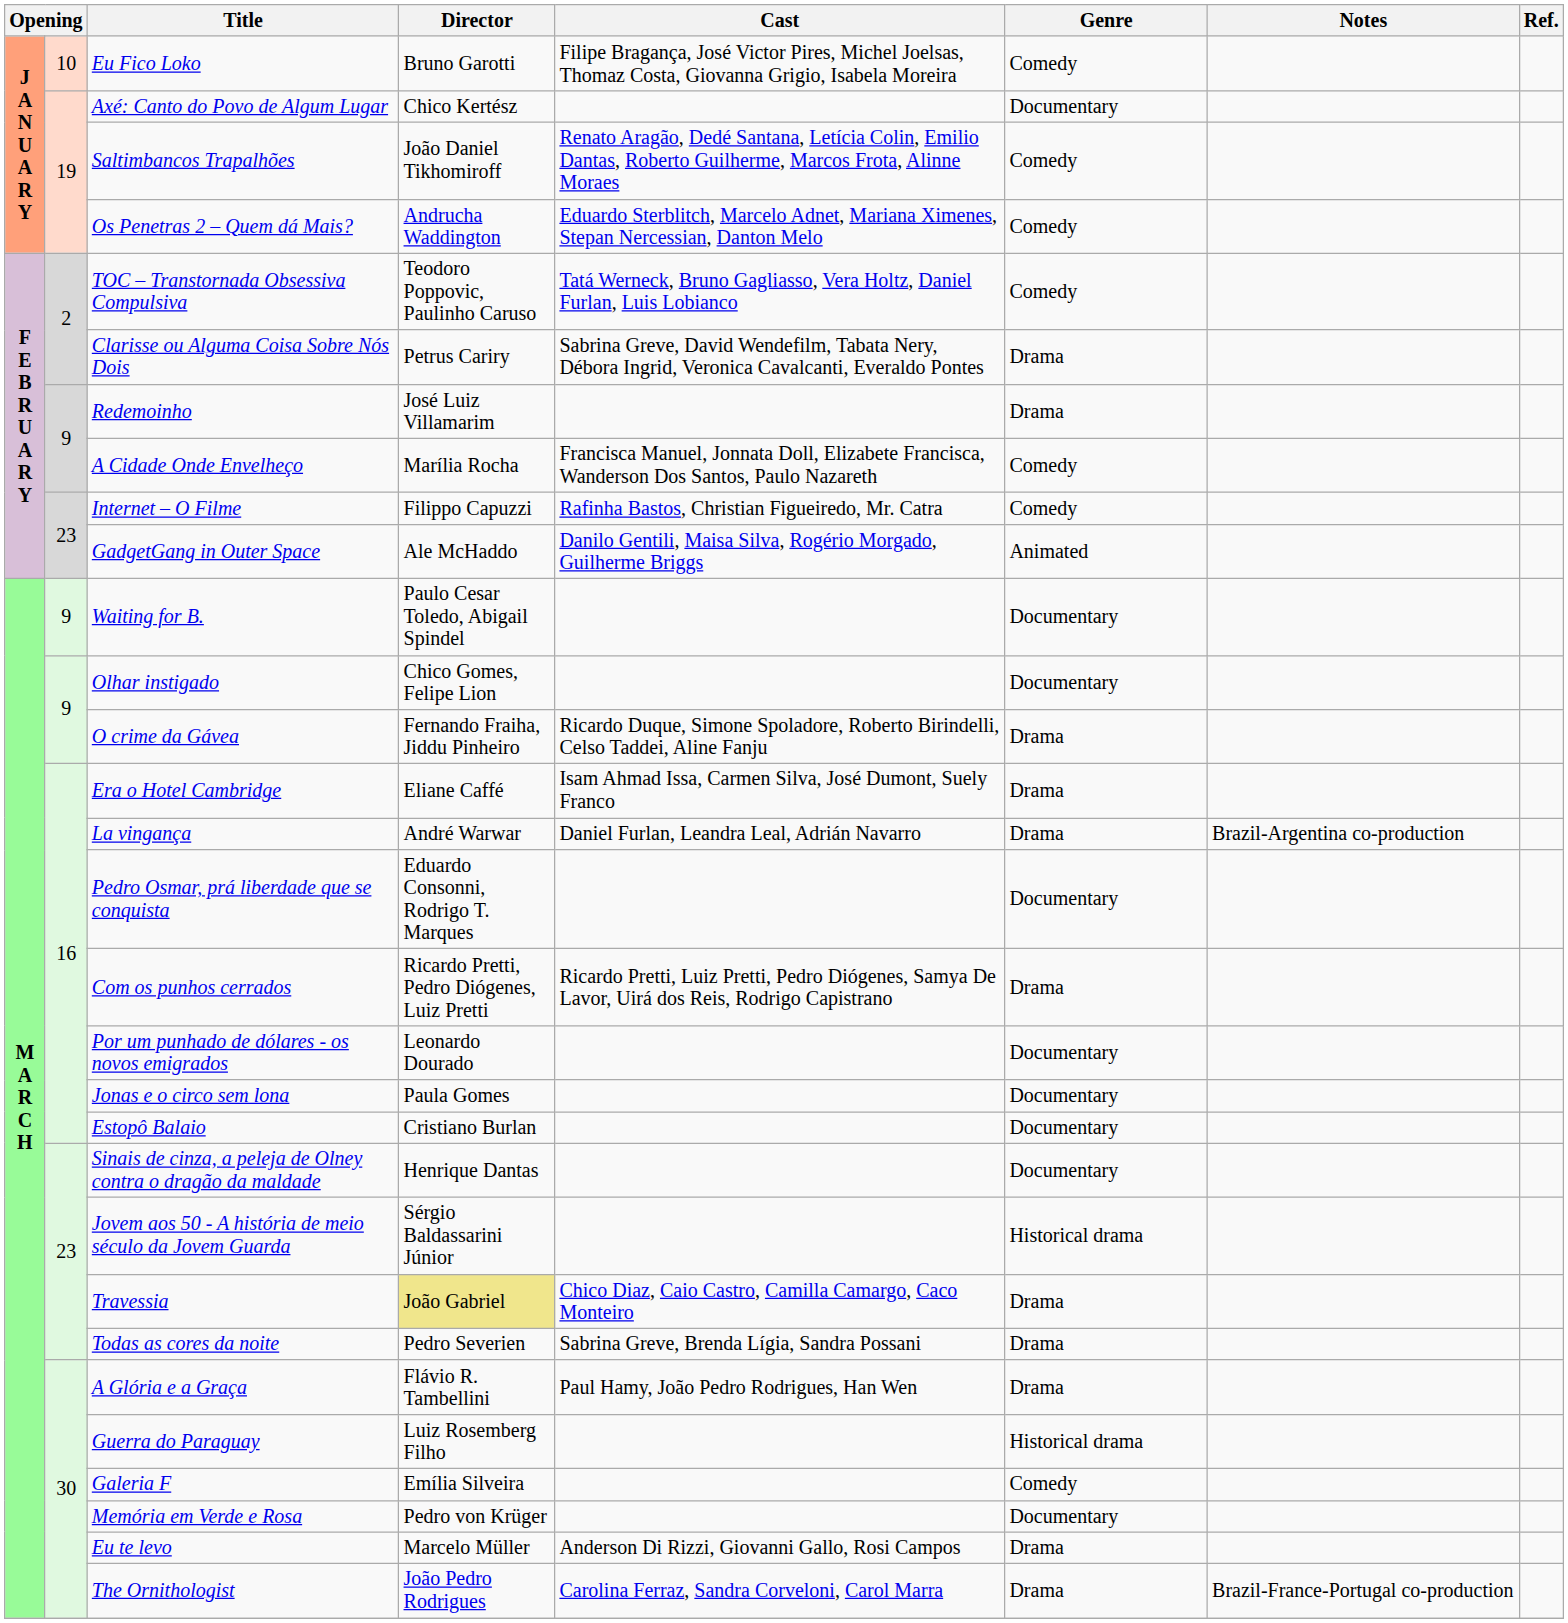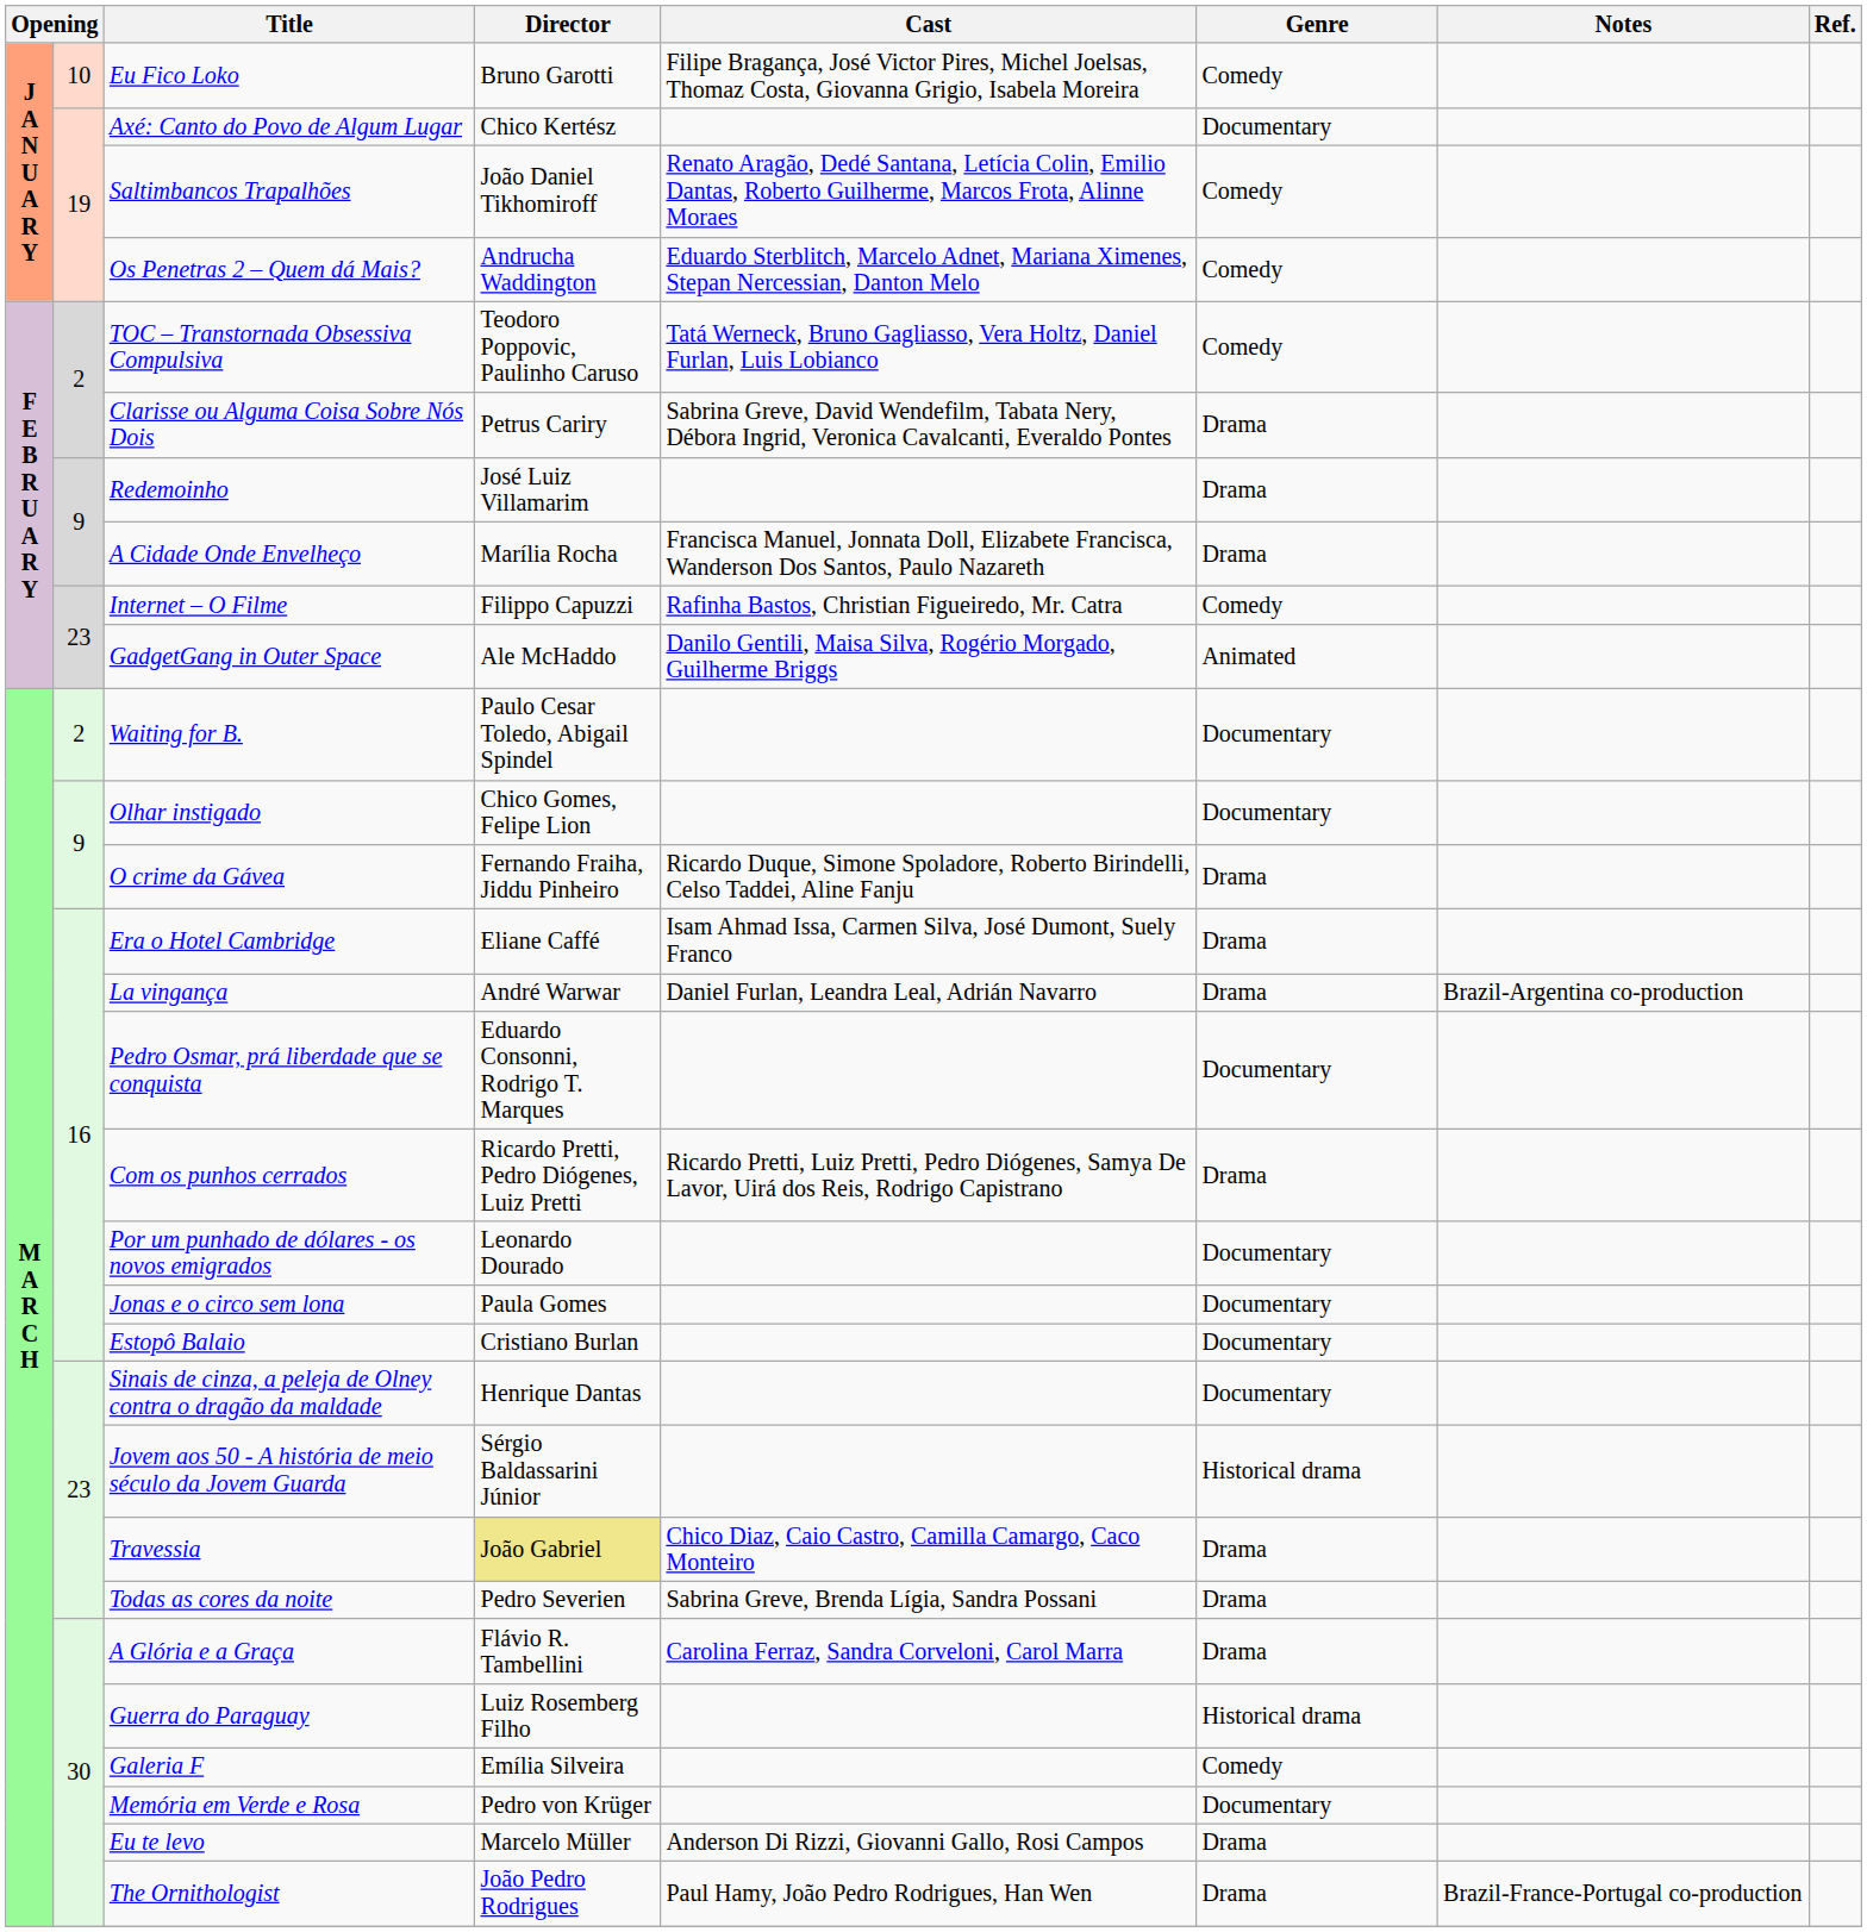 <table class="wikitable">
 <tr>
 <th colspan="2">Opening</th>
 <th style="width:20%;">Title</th>
 <th style="width:10%;">Director</th>
 <th>Cast</th>
 <th style="width:13%">Genre</th>
 <th style="width:20%">Notes</th>
 <th>Ref.</th>
 </tr>
 <tr>
 <td rowspan=4 style="text-align:center; background:#ffa07a; textcolor:#000;"><strong>J<br>A<br>N<br>U<br>A<br>R<br>Y</strong></td>
 <td rowspan=1 style="text-align:center; background:#ffdacc; textcolor:#000;">10</td>
 <td><em><a href='#'>Eu Fico Loko</a></em></td>
 <td>Bruno Garotti</td>
 <td>Filipe Bragança, José Victor Pires, Michel Joelsas, Thomaz Costa, Giovanna Grigio, Isabela Moreira</td>
 <td>Comedy</td>
 <td></td>
 <td></td>
 </tr>
 <tr>
 <td rowspan=3 style="text-align:center; background:#ffdacc; textcolor:#000;">19</td>
 <td><em><a href='#'>Axé: Canto do Povo de Algum Lugar</a></em></td>
 <td>Chico Kertész</td>
 <td></td>
 <td>Documentary</td>
 <td></td>
 <td></td>
 </tr>
 <tr>
 <td><em><a href='#'>Saltimbancos Trapalhões</a></em></td>
 <td>João Daniel Tikhomiroff</td>
 <td><a href='#'>Renato Aragão</a>, <a href='#'>Dedé Santana</a>, <a href='#'>Letícia Colin</a>, <a href='#'>Emilio Dantas</a>, <a href='#'>Roberto Guilherme</a>, <a href='#'>Marcos Frota</a>, <a href='#'>Alinne Moraes</a></td>
 <td>Comedy</td>
 <td></td>
 <td></td>
 </tr>
 <tr>
 <td><em><a href='#'>Os Penetras 2 – Quem dá Mais?</a></em></td>
 <td><a href='#'>Andrucha Waddington</a></td>
 <td><a href='#'>Eduardo Sterblitch</a>, <a href='#'>Marcelo Adnet</a>, <a href='#'>Mariana Ximenes</a>, <a href='#'>Stepan Nercessian</a>, <a href='#'>Danton Melo</a></td>
 <td>Comedy</td>
 <td></td>
 <td></td>
 </tr>
 <tr>
 <th rowspan=6 style="text-align:center; background:thistle; textcolor:#000;">F<br>E<br>B<br>R<br>U<br>A<br>R<br>Y</th>
 <td rowspan=2 style="text-align:center; background:#d8d8d8; textcolor:#000;">2</td>
 <td><em><a href='#'>TOC – Transtornada Obsessiva Compulsiva</a></em></td>
 <td>Teodoro Poppovic, Paulinho Caruso</td>
 <td><a href='#'>Tatá Werneck</a>, <a href='#'>Bruno Gagliasso</a>, <a href='#'>Vera Holtz</a>, <a href='#'>Daniel Furlan</a>, <a href='#'>Luis Lobianco</a></td>
 <td>Comedy</td>
 <td></td>
 <td></td>
 </tr>
 <tr>
 <td><em><a href='#'>Clarisse ou Alguma Coisa Sobre Nós Dois</a></em></td>
 <td>Petrus Cariry</td>
 <td>Sabrina Greve, David Wendefilm, Tabata Nery, Débora Ingrid, Veronica Cavalcanti, Everaldo Pontes</td>
 <td>Drama</td>
 <td></td>
 <td></td>
 </tr>
 <tr>
 <td rowspan=2 style="text-align:center; background:#d8d8d8; textcolor:#000;">9</td>
 <td><em><a href='#'>Redemoinho</a></em></td>
 <td>José Luiz Villamarim</td>
 <td></td>
 <td>Drama</td>
 <td></td>
 <td></td>
 </tr>
 <tr>
 <td><em><a href='#'>A Cidade Onde Envelheço</a></em></td>
 <td>Marília Rocha</td>
 <td>Francisca Manuel, Jonnata Doll, Elizabete Francisca, Wanderson Dos Santos, Paulo Nazareth</td>
-<td>Comedy</td>
+<td>Drama</td>
 <td></td>
 <td></td>
 </tr>
 <tr>
 <td rowspan=2 style="text-align:center; background:#d8d8d8; textcolor:#000;">23</td>
 <td><em><a href='#'>Internet – O Filme</a></em></td>
 <td>Filippo Capuzzi</td>
 <td><a href='#'>Rafinha Bastos</a>, Christian Figueiredo, Mr. Catra</td>
 <td>Comedy</td>
 <td></td>
 <td></td>
 </tr>
 <tr>
 <td><em><a href='#'>GadgetGang in Outer Space</a></em></td>
 <td>Ale McHaddo</td>
 <td><a href='#'>Danilo Gentili</a>, <a href='#'>Maisa Silva</a>, <a href='#'>Rogério Morgado</a>, <a href='#'>Guilherme Briggs</a></td>
 <td>Animated</td>
 <td></td>
 <td></td>
 </tr>
 <tr>
 <td rowspan=20 style="text-align:center; background:#98fb98; textcolor:#000;"><strong>M<br>A<br>R<br>C<br>H</strong></td>
-<td rowspan=1 style="text-align:center; background:#e0f9e0; textcolor:#000;">9</td>
+<td rowspan=1 style="text-align:center; background:#e0f9e0; textcolor:#000;">2</td>
 <td><em><a href='#'>Waiting for B.</a></em></td>
 <td>Paulo Cesar Toledo, Abigail Spindel</td>
 <td></td>
 <td>Documentary</td>
 <td></td>
 <td></td>
 </tr>
 <tr>
 <td rowspan=2 style="text-align:center; background:#e0f9e0; textcolor:#000;">9</td>
 <td><em><a href='#'>Olhar instigado</a></em></td>
 <td>Chico Gomes, Felipe Lion</td>
 <td></td>
 <td>Documentary</td>
 <td></td>
 <td></td>
 </tr>
 <tr>
 <td><em><a href='#'>O crime da Gávea</a></em></td>
 <td>Fernando Fraiha, Jiddu Pinheiro</td>
 <td>Ricardo Duque, Simone Spoladore, Roberto Birindelli, Celso Taddei, Aline Fanju</td>
 <td>Drama</td>
 <td></td>
 <td></td>
 </tr>
 <tr>
 <td rowspan=7 style="text-align:center; background:#e0f9e0; textcolor:#000;">16</td>
 <td><em><a href='#'>Era o Hotel Cambridge</a></em></td>
 <td>Eliane Caffé</td>
 <td>Isam Ahmad Issa, Carmen Silva, José Dumont, Suely Franco</td>
 <td>Drama</td>
 <td></td>
 <td></td>
 </tr>
 <tr>
 <td><em><a href='#'>La vingança</a></em></td>
 <td>André Warwar</td>
 <td>Daniel Furlan, Leandra Leal, Adrián Navarro</td>
 <td>Drama</td>
 <td>Brazil-Argentina co-production</td>
 <td></td>
 </tr>
 <tr>
 <td><em><a href='#'>Pedro Osmar, prá liberdade que se conquista</a></em></td>
 <td>Eduardo Consonni, Rodrigo T. Marques</td>
 <td></td>
 <td>Documentary</td>
 <td></td>
 <td></td>
 </tr>
 <tr>
 <td><em><a href='#'>Com os punhos cerrados</a></em></td>
 <td>Ricardo Pretti, Pedro Diógenes, Luiz Pretti</td>
 <td>Ricardo Pretti, Luiz Pretti, Pedro Diógenes, Samya De Lavor, Uirá dos Reis, Rodrigo Capistrano</td>
 <td>Drama</td>
 <td></td>
 <td></td>
 </tr>
 <tr>
 <td><em><a href='#'>Por um punhado de dólares - os novos emigrados</a></em></td>
 <td>Leonardo Dourado</td>
 <td></td>
 <td>Documentary</td>
 <td></td>
 <td></td>
 </tr>
 <tr>
 <td><em><a href='#'>Jonas e o circo sem lona</a></em></td>
 <td>Paula Gomes</td>
 <td></td>
 <td>Documentary</td>
 <td></td>
 <td></td>
 </tr>
 <tr>
 <td><em><a href='#'>Estopô Balaio</a></em></td>
 <td>Cristiano Burlan</td>
 <td></td>
 <td>Documentary</td>
 <td></td>
 <td></td>
 </tr>
 <tr>
 <td rowspan=4 style="text-align:center; background:#e0f9e0; textcolor:#000;">23</td>
 <td><em><a href='#'>Sinais de cinza, a peleja de Olney contra o dragão da maldade</a></em></td>
 <td>Henrique Dantas</td>
 <td></td>
 <td>Documentary</td>
 <td></td>
 <td></td>
 </tr>
 <tr>
 <td><em><a href='#'>Jovem aos 50 - A história de meio século da Jovem Guarda</a></em></td>
 <td>Sérgio Baldassarini Júnior</td>
 <td></td>
 <td>Historical drama</td>
 <td></td>
 <td></td>
 </tr>
 <tr>
 <td><em><a href='#'>Travessia</a></em></td>
 <td style="background: khaki;">João Gabriel</td>
 <td><a href='#'>Chico Diaz</a>, <a href='#'>Caio Castro</a>, <a href='#'>Camilla Camargo</a>, <a href='#'>Caco Monteiro</a></td>
 <td>Drama</td>
 <td></td>
 <td></td>
 </tr>
 <tr>
 <td><em><a href='#'>Todas as cores da noite</a></em></td>
 <td>Pedro Severien</td>
 <td>Sabrina Greve, Brenda Lígia, Sandra Possani</td>
 <td>Drama</td>
 <td></td>
 <td></td>
 </tr>
 <tr>
 <td rowspan=6 style="text-align:center; background:#e0f9e0; textcolor:#000;">30</td>
 <td><em><a href='#'>A Glória e a Graça</a></em></td>
 <td>Flávio R. Tambellini</td>
-<td>Paul Hamy, João Pedro Rodrigues, Han Wen</td>
+<td><a href='#'>Carolina Ferraz</a>, <a href='#'>Sandra Corveloni</a>, <a href='#'>Carol Marra</a></td>
 <td>Drama</td>
 <td></td>
 <td></td>
 </tr>
 <tr>
 <td><em><a href='#'>Guerra do Paraguay</a></em></td>
 <td>Luiz Rosemberg Filho</td>
 <td></td>
 <td>Historical drama</td>
 <td></td>
 <td></td>
 </tr>
 <tr>
 <td><em><a href='#'>Galeria F</a></em></td>
 <td>Emília Silveira</td>
 <td></td>
 <td>Comedy</td>
 <td></td>
 <td></td>
 </tr>
 <tr>
 <td><em><a href='#'>Memória em Verde e Rosa</a></em></td>
 <td>Pedro von Krüger</td>
 <td></td>
 <td>Documentary</td>
 <td></td>
 <td></td>
 </tr>
 <tr>
 <td><em><a href='#'>Eu te levo</a></em></td>
 <td>Marcelo Müller</td>
 <td>Anderson Di Rizzi, Giovanni Gallo, Rosi Campos</td>
 <td>Drama</td>
 <td></td>
 <td></td>
 </tr>
 <tr>
 <td><em><a href='#'>The Ornithologist</a></em></td>
 <td><a href='#'>João Pedro Rodrigues</a></td>
-<td><a href='#'>Carolina Ferraz</a>, <a href='#'>Sandra Corveloni</a>, <a href='#'>Carol Marra</a></td>
+<td>Paul Hamy, João Pedro Rodrigues, Han Wen</td>
 <td>Drama</td>
 <td>Brazil-France-Portugal co-production</td>
 <td></td>
 </tr>
 <tr>
 </tr>
 </table>
